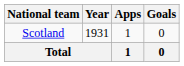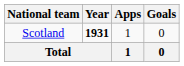 <table class="wikitable" style="text-align:center">
 <tr>
 <th>National team</th>
 <th>Year</th>
 <th>Apps</th>
 <th>Goals</th>
 </tr>
 <tr>
 <td><a href='#'>Scotland</a></td>
-<td>1931</td>
+<td><strong>1931</strong></td>
 <td>1</td>
 <td>0</td>
 </tr>
 <tr>
 <th colspan="2">Total</th>
 <th>1</th>
 <th>0</th>
 </tr>
 </table>
